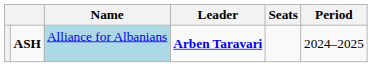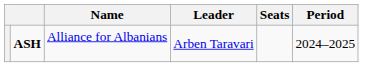 <table class="wikitable" style="text-align:left;">
 <tr>
 <th colspan="2"></th>
 <th>Name</th>
 <th>Leader</th>
 <th>Seats</th>
 <th>Period</th>
 </tr>
 <tr>
 <th style="background-color:"></th>
 <td><strong>ASH</strong></td>
-<td style="background: lightblue;"><a href='#'>Alliance for Albanians</a><br><br></td>
-<td><strong><a href='#'>Arben Taravari</a></strong></td>
+<td><a href='#'>Alliance for Albanians</a><br><br></td>
+<td><a href='#'>Arben Taravari</a></td>
 <td></td>
 <td>2024–2025</td>
 </tr>
 </table>
